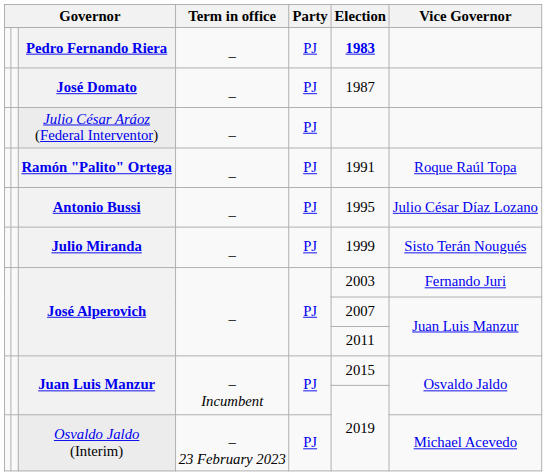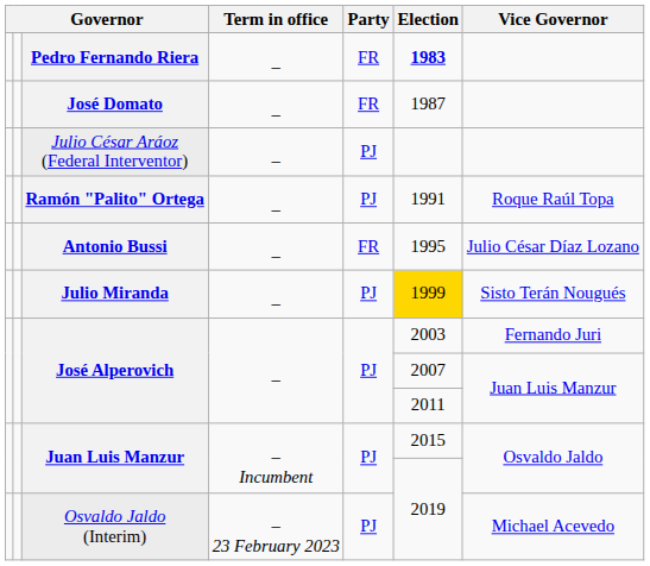 <table class="wikitable sortable" style="text-align: center;">
 <tr>
 <th scope="col" colspan="3">Governor</th>
 <th scope="col">Term in office</th>
 <th scope="col">Party</th>
 <th scope="col">Election</th>
 <th scope="col">Vice Governor</th>
 </tr>
 <tr style="height:2em;">
 <td data-sort-value="Riera, Pedro Fernando"></td>
 <td style="background:"></td>
 <th scope="row"><a href='#'>Pedro Fernando Riera</a></th>
 <td><br>–<br></td>
-<td><a href='#'>PJ</a></td>
+<td><a href='#'>FR</a></td>
 <td><strong><a href='#'>1983</a></strong></td>
 <td></td>
 </tr>
 <tr style="height:2em;">
 <td data-sort-value="Domato, José"></td>
 <td style="background:"></td>
 <th scope="row"><a href='#'>José Domato</a></th>
 <td><br>–<br></td>
-<td><a href='#'>PJ</a></td>
+<td><a href='#'>FR</a></td>
 <td>1987</td>
 <td></td>
 </tr>
 <tr style="height:2em;">
 <td data-sort-value="Aráoz, Julio César"></td>
 <td style="background:"></td>
 <td style="background:#ececec;" scope="row"><em><a href='#'>Julio César Aráoz</a></em><br>(<a href='#'>Federal Interventor</a>)</td>
 <td><br>–<br></td>
 <td><a href='#'>PJ</a></td>
 <td></td>
 </tr>
 <tr style="height:2em;">
 <td data-sort-value="Ortega, Ramón Bautista"></td>
 <td style="background:"></td>
 <th scope="row"><a href='#'>Ramón "Palito" Ortega</a></th>
 <td><br>–<br></td>
 <td><a href='#'>PJ</a></td>
 <td>1991</td>
 <td scope="row"><a href='#'>Roque Raúl Topa</a></td>
 </tr>
 <tr style="height:2em;">
 <td data-sort-value="Bussi, Antonio Domingo"></td>
 <td style="background:"></td>
 <th scope="row"><a href='#'>Antonio Bussi</a></th>
 <td><br>–<br></td>
-<td><a href='#'>PJ</a></td>
+<td><a href='#'>FR</a></td>
 <td>1995</td>
 <td scope="row"><a href='#'>Julio César Díaz Lozano</a></td>
 </tr>
 <tr style="height:2em;">
 <td data-sort-value="Miranda, Julio"></td>
 <td style="background:"></td>
 <th scope="row"><a href='#'>Julio Miranda</a></th>
 <td><br>–<br></td>
 <td><a href='#'>PJ</a></td>
-<td>1999</td>
+<td style="background: gold;">1999</td>
 <td scope="row"><a href='#'>Sisto Terán Nougués</a></td>
 </tr>
 <tr style="height:2em;">
 <td rowspan="3" data-sort-value="Alperovich, José"></td>
 <td rowspan="3" style="background:"></td>
 <th rowspan="3" scope="row"><a href='#'>José Alperovich</a></th>
 <td rowspan="3"><br>–<br></td>
 <td rowspan="3"><a href='#'>PJ</a></td>
 <td>2003</td>
 <td data-sort-value="Juri, Fernando"><a href='#'>Fernando Juri</a></td>
 </tr>
 <tr style="height:2em;">
 <td>2007</td>
 <td rowspan="2" data-sort-value="Manzur, Juan Luis"><a href='#'>Juan Luis Manzur</a></td>
 </tr>
 <tr style="height:2em;">
 <td>2011</td>
 </tr>
 <tr style="height:2em;">
 <td rowspan="2" data-sort-value="Manzur, Juan Luis"></td>
 <td rowspan="2" style="background:"></td>
 <th rowspan="2" scope="row"><a href='#'>Juan Luis Manzur</a></th>
 <td rowspan="2"><br>–<br><em>Incumbent</em></td>
 <td rowspan="2"><a href='#'>PJ</a></td>
 <td>2015</td>
 <td rowspan="2" data-sort-value="Jaldo, Osvaldo"><a href='#'>Osvaldo Jaldo</a></td>
 </tr>
 <tr style="height:2em;">
 <td rowspan="2">2019</td>
 </tr>
 <tr style="height:2em;">
 <td data-sort-value="Jaldo, Osvaldo"></td>
 <td style="background:"></td>
 <td style="background:#ececec;" scope="row"><em><a href='#'>Osvaldo Jaldo</a></em><br>(Interim)</td>
 <td><br>–<br><em>23 February 2023</em></td>
 <td><a href='#'>PJ</a></td>
 <td><a href='#'>Michael Acevedo</a></td>
 </tr>
 </table>
